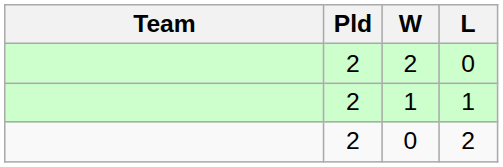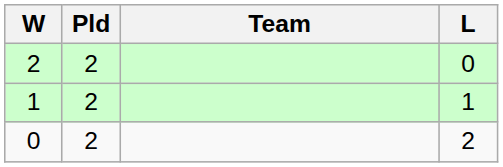 <table class=wikitable style="text-align:center">
 <tr>
+<th width=30>W</th>
+<th width=30>Pld</th>
 <th width=200>Team</th>
-<th width=30>Pld</th>
-<th width=30>W</th>
 <th width=30>L</th>
 </tr>
 <tr style="background:#cfc;">
-<td style="text-align:left"></td>
 <td>2</td>
 <td>2</td>
+<td style="text-align:left"></td>
 <td>0</td>
 </tr>
 <tr style="background:#cfc;">
+<td>1</td>
+<td>2</td>
 <td style="text-align:left"></td>
-<td>2</td>
-<td>1</td>
 <td>1</td>
 </tr>
 <tr>
+<td>0</td>
+<td>2</td>
 <td style="text-align:left"></td>
-<td>2</td>
-<td>0</td>
 <td>2</td>
 </tr>
 </table>
